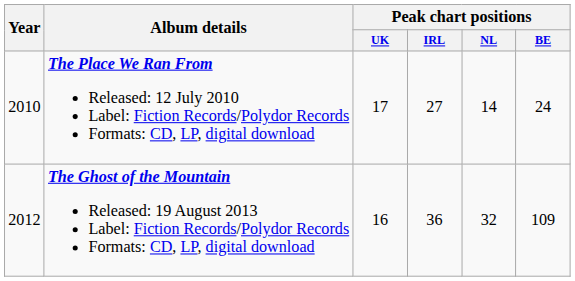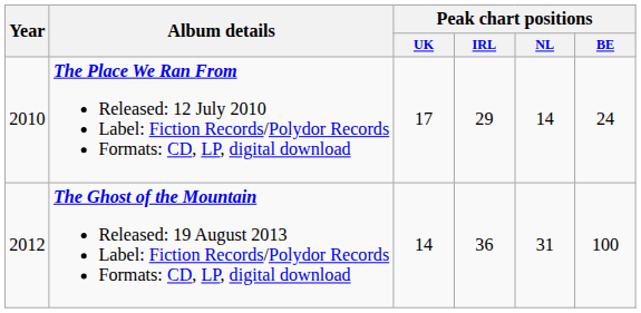 <table class="wikitable" style=text-align:center;>
 <tr>
 <th rowspan="2">Year</th>
 <th rowspan="2">Album details</th>
 <th colspan="4">Peak chart positions</th>
 </tr>
 <tr>
 <th style="width:4em;font-size:75%"><a href='#'>UK</a></th>
 <th style="width:4em;font-size:75%"><a href='#'>IRL</a><br></th>
 <th style="width:4em;font-size:75%"><a href='#'>NL</a></th>
 <th style="width:4em;font-size:75%"><a href='#'>BE</a></th>
 </tr>
 <tr>
 <td>2010</td>
 <td align="left"><strong><em><a href='#'>The Place We Ran From</a></em></strong><br><ul><li>Released: 12 July 2010</li><li>Label: <a href='#'>Fiction Records</a>/<a href='#'>Polydor Records</a></li><li>Formats: <a href='#'>CD</a>, <a href='#'>LP</a>, <a href='#'>digital download</a></li></ul></td>
 <td>17</td>
-<td>27</td>
+<td>29</td>
 <td>14</td>
 <td>24</td>
 </tr>
 <tr>
 <td>2012</td>
 <td align="left"><strong><em><a href='#'>The Ghost of the Mountain</a></em></strong><br><ul><li>Released: 19 August 2013</li><li>Label: <a href='#'>Fiction Records</a>/<a href='#'>Polydor Records</a></li><li>Formats: <a href='#'>CD</a>, <a href='#'>LP</a>, <a href='#'>digital download</a></li></ul></td>
-<td>16</td>
+<td>14</td>
 <td>36</td>
-<td>32</td>
-<td>109</td>
+<td>31</td>
+<td>100</td>
 </tr>
 </table>
